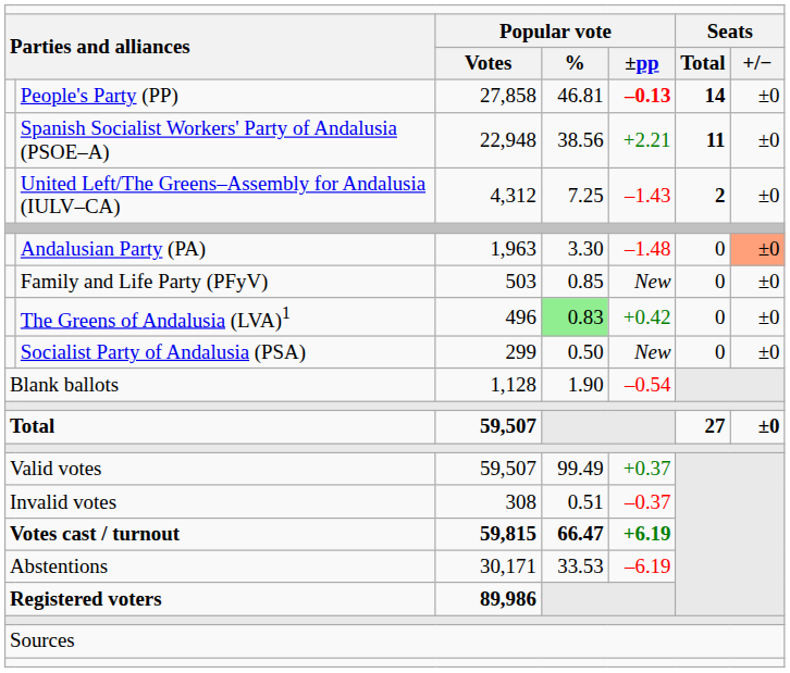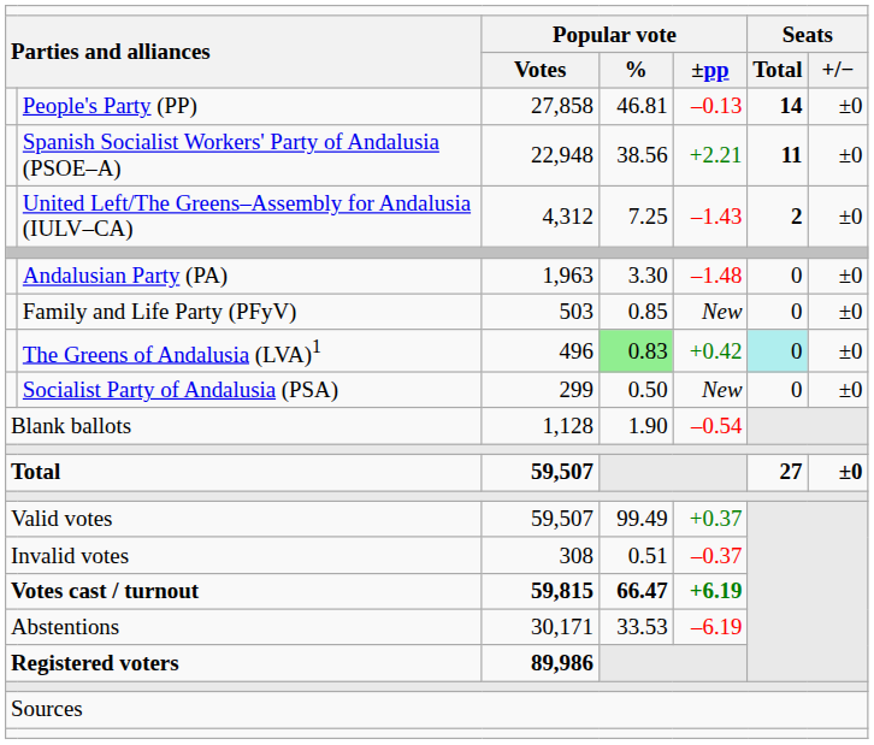 <table class="wikitable" style="text-align:right;">
 <tr>
 <td colspan="7"></td>
 </tr>
 <tr>
 <th style="text-align:left;" rowspan="2" colspan="2" width="525">Parties and alliances</th>
 <th colspan="3">Popular vote</th>
 <th colspan="2">Seats</th>
 </tr>
 <tr>
 <th width="75">Votes</th>
 <th width="45">%</th>
 <th width="45">±<a href='#'>pp</a></th>
 <th width="35">Total</th>
 <th width="35">+/−</th>
 </tr>
 <tr>
 <td width="1" style="color:inherit;background:"></td>
 <td align="left"><a href='#'>People's Party</a> (PP)</td>
 <td>27,858</td>
 <td>46.81</td>
-<td style="color:red;"><strong>–0.13</strong></td>
+<td style="color:red;">–0.13</td>
 <td><strong>14</strong></td>
 <td>±0</td>
 </tr>
 <tr>
 <td style="color:inherit;background:"></td>
 <td align="left"><a href='#'>Spanish Socialist Workers' Party of Andalusia</a> (PSOE–A)</td>
 <td>22,948</td>
 <td>38.56</td>
 <td style="color:green;">+2.21</td>
 <td><strong>11</strong></td>
 <td>±0</td>
 </tr>
 <tr>
 <td style="color:inherit;background:"></td>
 <td align="left"><a href='#'>United Left/The Greens–Assembly for Andalusia</a> (IULV–CA)</td>
 <td>4,312</td>
 <td>7.25</td>
 <td style="color:red;">–1.43</td>
 <td><strong>2</strong></td>
 <td>±0</td>
 </tr>
 <tr>
 <td colspan="7" bgcolor="#C0C0C0"></td>
 </tr>
 <tr>
 <td style="color:inherit;background:"></td>
 <td align="left"><a href='#'>Andalusian Party</a> (PA)</td>
 <td>1,963</td>
 <td>3.30</td>
 <td style="color:red;">–1.48</td>
 <td>0</td>
-<td style="background: lightsalmon;">±0</td>
+<td>±0</td>
 </tr>
 <tr>
 <td style="color:inherit;background:"></td>
 <td align="left">Family and Life Party (PFyV)</td>
 <td>503</td>
 <td>0.85</td>
 <td><em>New</em></td>
 <td>0</td>
 <td>±0</td>
 </tr>
 <tr>
 <td style="color:inherit;background:"></td>
 <td align="left"><a href='#'>The Greens of Andalusia</a> (LVA)<sup>1</sup></td>
 <td>496</td>
 <td style="background: lightgreen;">0.83</td>
 <td style="color:green;">+0.42</td>
-<td>0</td>
+<td style="background: paleturquoise;">0</td>
 <td>±0</td>
 </tr>
 <tr>
 <td style="color:inherit;background:"></td>
 <td align="left"><a href='#'>Socialist Party of Andalusia</a> (PSA)</td>
 <td>299</td>
 <td>0.50</td>
 <td><em>New</em></td>
 <td>0</td>
 <td>±0</td>
 </tr>
 <tr>
 <td align="left" colspan="2">Blank ballots</td>
 <td>1,128</td>
 <td>1.90</td>
 <td style="color:red;">–0.54</td>
 <td bgcolor="#E9E9E9" colspan="2"></td>
 </tr>
 <tr>
 <td colspan="7" bgcolor="#E9E9E9"></td>
 </tr>
 <tr style="font-weight:bold;">
 <td align="left" colspan="2">Total</td>
 <td>59,507</td>
 <td bgcolor="#E9E9E9" colspan="2"></td>
 <td>27</td>
 <td>±0</td>
 </tr>
 <tr>
 <td colspan="7" bgcolor="#E9E9E9"></td>
 </tr>
 <tr>
 <td align="left" colspan="2">Valid votes</td>
 <td>59,507</td>
 <td>99.49</td>
 <td style="color:green;">+0.37</td>
 <td bgcolor="#E9E9E9" colspan="2" rowspan="5"></td>
 </tr>
 <tr>
 <td align="left" colspan="2">Invalid votes</td>
 <td>308</td>
 <td>0.51</td>
 <td style="color:red;">–0.37</td>
 </tr>
 <tr style="font-weight:bold;">
 <td align="left" colspan="2">Votes cast / turnout</td>
 <td>59,815</td>
 <td>66.47</td>
 <td style="color:green;">+6.19</td>
 </tr>
 <tr>
 <td align="left" colspan="2">Abstentions</td>
 <td>30,171</td>
 <td>33.53</td>
 <td style="color:red;">–6.19</td>
 </tr>
 <tr style="font-weight:bold;">
 <td align="left" colspan="2">Registered voters</td>
 <td>89,986</td>
 <td bgcolor="#E9E9E9" colspan="2"></td>
 </tr>
 <tr>
 <td colspan="7" bgcolor="#E9E9E9"></td>
 </tr>
 <tr>
 <td align="left" colspan="7">Sources</td>
 </tr>
 <tr>
 <td colspan="7" style="text-align:left; max-width:790px;"></td>
 </tr>
 </table>
